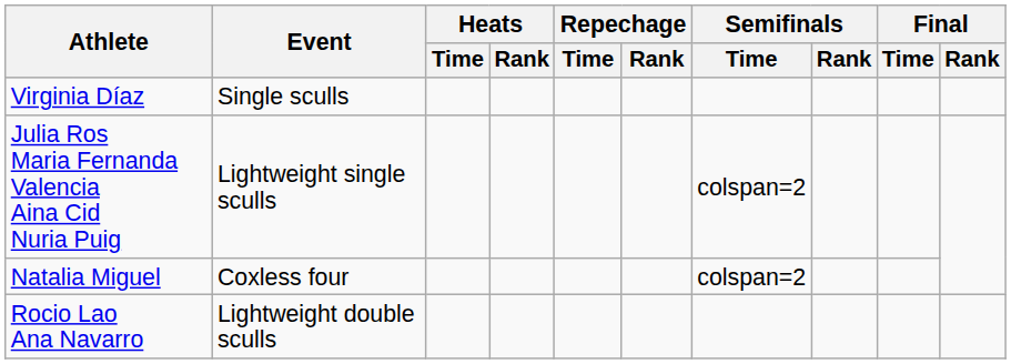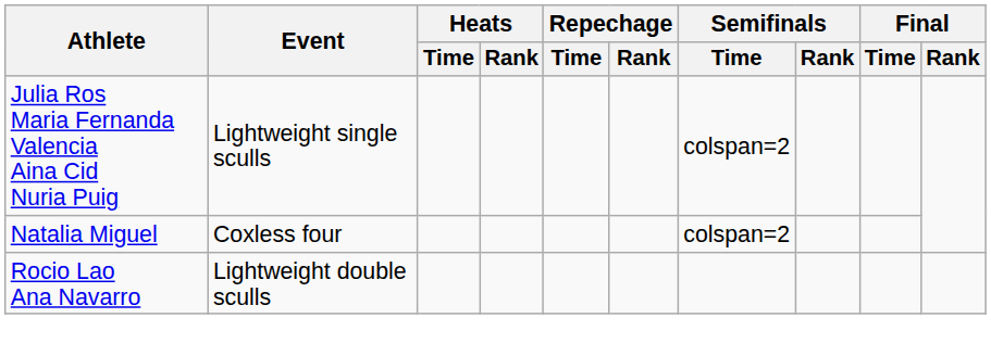 <table class="wikitable" style="font-size:90%">
 <tr>
 <th rowspan="2">Athlete</th>
 <th rowspan="2">Event</th>
 <th colspan="2">Heats</th>
 <th colspan="2">Repechage</th>
 <th colspan="2">Semifinals</th>
 <th colspan="2">Final</th>
 </tr>
 <tr style="font-size:95%">
 <th>Time</th>
 <th>Rank</th>
 <th>Time</th>
 <th>Rank</th>
 <th>Time</th>
 <th>Rank</th>
 <th>Time</th>
 <th>Rank</th>
-</tr>
-<tr align=center>
-<td align=left><a href='#'>Virginia Díaz</a></td>
-<td align=left>Single sculls</td>
-<td></td>
-<td></td>
-<td></td>
-<td></td>
-<td></td>
-<td></td>
-<td></td>
-<td></td>
 </tr>
 <tr align=center>
 <td align=left><a href='#'>Julia Ros</a><br><a href='#'>Maria Fernanda Valencia</a><br><a href='#'>Aina Cid</a><br><a href='#'>Nuria Puig</a></td>
 <td align=left>Lightweight single sculls</td>
 <td></td>
 <td></td>
 <td></td>
 <td></td>
 <td>colspan=2</td>
 <td></td>
 <td></td>
 </tr>
 <tr align=center>
 <td align=left><a href='#'>Natalia Miguel</a></td>
 <td align=left>Coxless four</td>
 <td></td>
 <td></td>
 <td></td>
 <td></td>
 <td>colspan=2</td>
 <td></td>
 <td></td>
 </tr>
 <tr align=center>
 <td align=left><a href='#'>Rocio Lao</a><br><a href='#'>Ana Navarro</a></td>
 <td align=left>Lightweight double sculls</td>
 <td></td>
 <td></td>
 <td></td>
 <td></td>
 <td></td>
 <td></td>
 <td></td>
 <td></td>
 </tr>
 </table>
